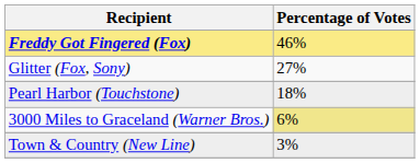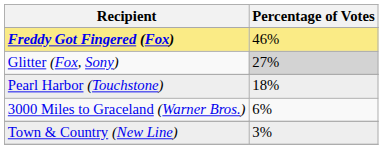 <table class="wikitable sortable plainrowheaders" align="centre">
 <tr>
 <th>Recipient</th>
 <th>Percentage of Votes</th>
 </tr>
 <tr>
 </tr>
 <tr style="background:#FAEB86">
 <td><strong><em><a href='#'>Freddy Got Fingered</a><em> (<a href='#'>Fox</a>)<strong></td>
 <td></strong>46%<strong></td>
 </tr>
 <tr>
 <td></em><a href='#'>Glitter</a><em> (<a href='#'>Fox</a>, <a href='#'>Sony</a>)</td>
-<td>27%</td>
+<td style="background: lightgrey;">27%</td>
 </tr>
 <tr>
 </tr>
 <tr style="background:#eee;">
 <td></em><a href='#'>Pearl Harbor</a><em> (<a href='#'>Touchstone</a>)</td>
 <td>18%</td>
 </tr>
 <tr>
 <td></em><a href='#'>3000 Miles to Graceland</a><em> (<a href='#'>Warner Bros.</a>)</td>
-<td style="background: khaki;">6%</td>
+<td>6%</td>
 </tr>
 <tr>
 </tr>
 <tr style="background:#eee;">
 <td></em><a href='#'>Town & Country</a><em> (<a href='#'>New Line</a>)</td>
 <td>3%</td>
 </tr>
 <tr>
 </tr>
 </table>
